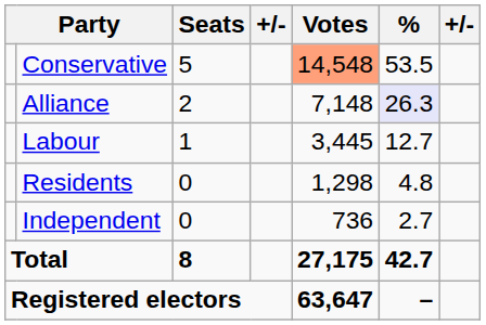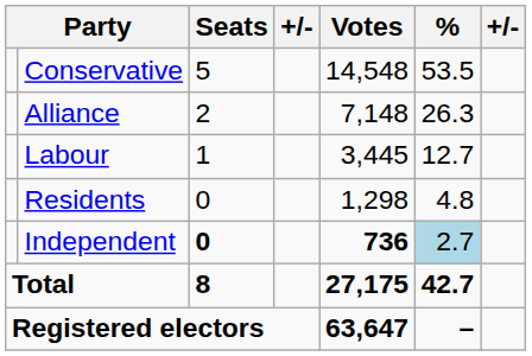 <table class="wikitable sortable">
 <tr>
 <th colspan="2">Party</th>
 <th>Seats</th>
 <th>+/-</th>
 <th>Votes</th>
 <th>%</th>
 <th>+/-</th>
 </tr>
 <tr>
 <td style="background-color: "></td>
 <td><a href='#'>Conservative</a></td>
 <td>5</td>
 <td></td>
-<td style="background: lightsalmon; text-align:right;">14,548</td>
+<td style="text-align:right;">14,548</td>
 <td style="text-align:right;">53.5</td>
 <td style="text-align:right;"></td>
 </tr>
 <tr>
 <td style="background-color: "></td>
 <td><a href='#'>Alliance</a></td>
 <td>2</td>
 <td></td>
 <td style="text-align:right;">7,148</td>
-<td style="background: lavender; text-align:right;">26.3</td>
+<td style="text-align:right;">26.3</td>
 <td style="text-align:right;"></td>
 </tr>
 <tr>
 <td style="background-color: "></td>
 <td><a href='#'>Labour</a></td>
 <td>1</td>
 <td></td>
 <td style="text-align:right;">3,445</td>
 <td style="text-align:right;">12.7</td>
 <td style="text-align:right;"></td>
 </tr>
 <tr>
 <td style="background-color: "></td>
 <td><a href='#'>Residents</a></td>
 <td>0</td>
 <td></td>
 <td style="text-align:right;">1,298</td>
 <td style="text-align:right;">4.8</td>
 <td style="text-align:right;"></td>
 </tr>
 <tr>
 <td style="background-color: "></td>
 <td><a href='#'>Independent</a></td>
-<td>0</td>
+<td><strong>0</strong></td>
 <td></td>
-<td style="text-align:right;">736</td>
-<td style="text-align:right;">2.7</td>
+<td style="text-align:right;"><strong>736</strong></td>
+<td style="background: lightblue; text-align:right;">2.7</td>
 <td style="text-align:right;"></td>
 </tr>
 <tr>
 <td colspan="2"><strong>Total</strong></td>
 <td><strong>8</strong></td>
 <td></td>
 <td style="text-align:right;"><strong>27,175</strong></td>
 <td style="text-align:right;"><strong>42.7</strong></td>
 <td style="text-align:right;"></td>
 </tr>
 <tr>
 <td colspan="4"><strong>Registered electors</strong></td>
 <td style="text-align:right;"><strong>63,647</strong></td>
 <td style="text-align:right;"><strong>–</strong></td>
 <td style="text-align:right;"></td>
 </tr>
 </table>
